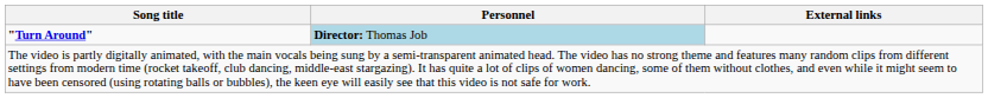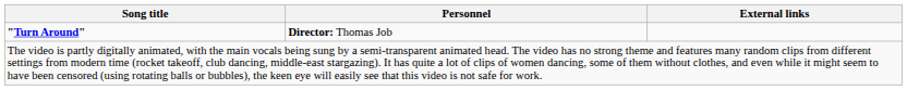 <table class="wikitable">
 <tr>
 <th>Song title</th>
 <th>Personnel</th>
 <th>External links</th>
 </tr>
 <tr>
 <td><strong>"<a href='#'>Turn Around</a>"</strong></td>
-<td style="background: lightblue;"><strong>Director:</strong> Thomas Job</td>
+<td><strong>Director:</strong> Thomas Job</td>
 <td></td>
 </tr>
 <tr>
 <td colspan="6">The video is partly digitally animated, with the main vocals being sung by a semi-transparent animated head. The video has no strong theme and features many random clips from different settings from modern time (rocket takeoff, club dancing, middle-east stargazing). It has quite a lot of clips of women dancing, some of them without clothes, and even while it might seem to have been censored (using rotating balls or bubbles), the keen eye will easily see that this video is not safe for work.</td>
 </tr>
 </table>
